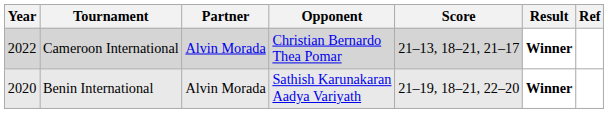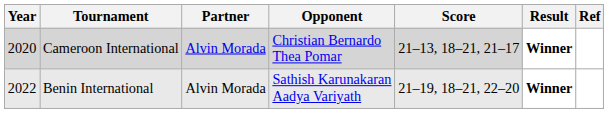 <table class="sortable wikitable" style="font-size: 90%;">
 <tr>
 <th>Year</th>
 <th>Tournament</th>
 <th>Partner</th>
 <th>Opponent</th>
 <th>Score</th>
 <th>Result</th>
 <th>Ref</th>
 </tr>
 <tr style="background:#D5D5D5">
-<td align="center">2022</td>
+<td align="center">2020</td>
 <td align="left">Cameroon International</td>
 <td align="left"> <a href='#'>Alvin Morada</a></td>
 <td align="left"> <a href='#'>Christian Bernardo</a><br> <a href='#'>Thea Pomar</a></td>
 <td align="left">21–13, 18–21, 21–17</td>
 <td style="text-align:left; background:white"> <strong>Winner</strong></td>
 <td style="text-align:center; background:white"></td>
 </tr>
 <tr style="background:#E9E9E9">
-<td align="center">2020</td>
+<td align="center">2022</td>
 <td align="left">Benin International</td>
 <td align="left"> Alvin Morada</td>
 <td align="left"> <a href='#'>Sathish Karunakaran</a><br> <a href='#'>Aadya Variyath</a></td>
 <td align="left">21–19, 18–21, 22–20</td>
 <td style="text-align:left; background:white"> <strong>Winner</strong></td>
 <td style="text-align:center; background:white"></td>
 </tr>
 </table>
